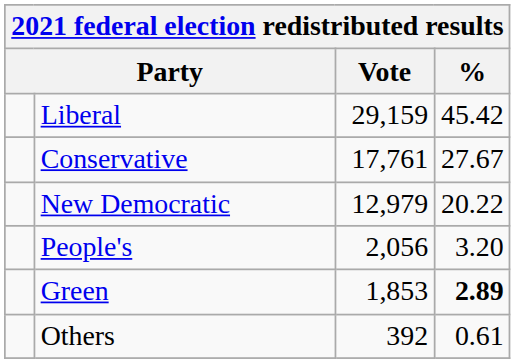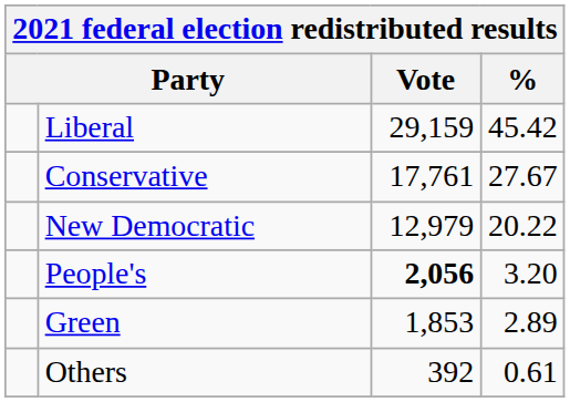 <table class="wikitable">
 <tr>
 <th colspan="4"><a href='#'>2021 federal election</a> redistributed results</th>
 </tr>
 <tr>
 <th bgcolor="#DDDDFF" width="130px" colspan="2">Party</th>
 <th bgcolor="#DDDDFF" width="50px">Vote</th>
 <th bgcolor="#DDDDFF" width="30px">%</th>
 </tr>
 <tr>
 <td> </td>
 <td><a href='#'>Liberal</a></td>
 <td align=right>29,159</td>
 <td align=right>45.42</td>
 </tr>
 <tr>
 <td> </td>
 <td><a href='#'>Conservative</a></td>
 <td align=right>17,761</td>
 <td align=right>27.67</td>
 </tr>
 <tr>
 <td> </td>
 <td><a href='#'>New Democratic</a></td>
 <td align=right>12,979</td>
 <td align=right>20.22</td>
 </tr>
 <tr>
 <td> </td>
 <td><a href='#'>People's</a></td>
-<td align=right>2,056</td>
+<td align=right><strong>2,056</strong></td>
 <td align=right>3.20</td>
 </tr>
 <tr>
 <td> </td>
 <td><a href='#'>Green</a></td>
 <td align=right>1,853</td>
-<td align=right><strong>2.89</strong></td>
+<td align=right>2.89</td>
 </tr>
 <tr>
 <td> </td>
 <td>Others</td>
 <td align=right>392</td>
 <td align=right>0.61</td>
 </tr>
 </table>
